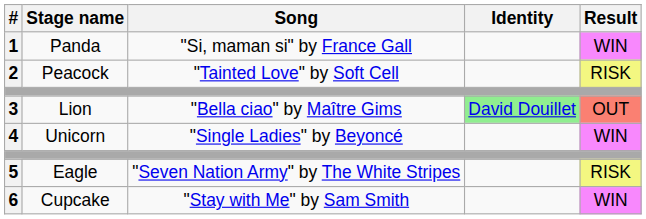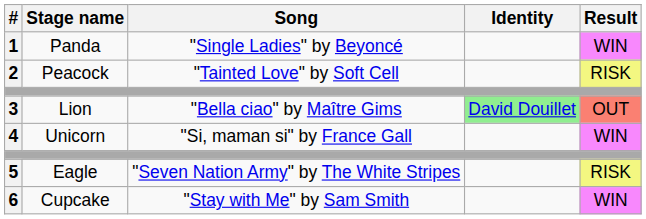 <table class="wikitable plainrowheaders" style="text-align: center;">
 <tr>
 <th>#</th>
 <th>Stage name</th>
 <th>Song</th>
 <th>Identity</th>
 <th>Result</th>
 </tr>
 <tr>
 <th>1</th>
 <td>Panda</td>
-<td>"Si, maman si" by <a href='#'>France Gall</a></td>
+<td>"<a href='#'>Single Ladies</a>" by <a href='#'>Beyoncé</a></td>
 <td></td>
 <td bgcolor=#F888FD>WIN</td>
 </tr>
 <tr>
 <th>2</th>
 <td>Peacock</td>
 <td>"<a href='#'>Tainted Love</a>" by <a href='#'>Soft Cell</a></td>
 <td></td>
 <td bgcolor="#F3F781">RISK</td>
 </tr>
 <tr>
 <td colspan="5" style="background:darkgray"></td>
 </tr>
 <tr>
 <th>3</th>
 <td>Lion</td>
 <td>"<a href='#'>Bella ciao</a>" by <a href='#'>Maître Gims</a></td>
 <td style="background: lightgreen;"><a href='#'>David Douillet</a></td>
 <td bgcolor="Salmon">OUT</td>
 </tr>
 <tr>
 <th>4</th>
 <td>Unicorn</td>
-<td>"<a href='#'>Single Ladies</a>" by <a href='#'>Beyoncé</a></td>
+<td>"Si, maman si" by <a href='#'>France Gall</a></td>
 <td></td>
 <td bgcolor=#F888FD>WIN</td>
 </tr>
 <tr>
 <td colspan="5" style="background:darkgray"></td>
 </tr>
 <tr>
 <th>5</th>
 <td>Eagle</td>
 <td>"<a href='#'>Seven Nation Army</a>" by <a href='#'>The White Stripes</a></td>
 <td></td>
 <td bgcolor="#F3F781">RISK</td>
 </tr>
 <tr>
 <th>6</th>
 <td>Cupcake</td>
 <td>"<a href='#'>Stay with Me</a>" by <a href='#'>Sam Smith</a></td>
 <td></td>
 <td bgcolor=#F888FD>WIN</td>
 </tr>
 </table>
